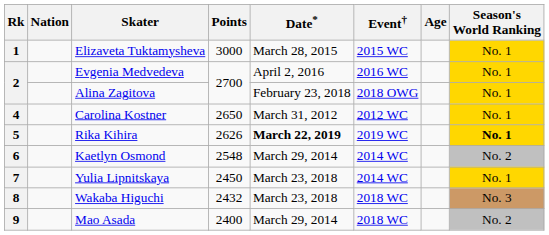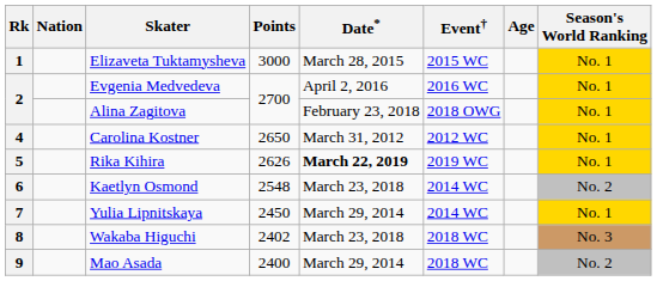 <table class="wikitable sortable">
 <tr>
 <th>Rk</th>
 <th>Nation</th>
 <th>Skater</th>
 <th>Points</th>
 <th>Date<sup>*</sup></th>
 <th>Event<sup>†</sup></th>
 <th>Age</th>
 <th>Season's<br>World  Ranking</th>
 </tr>
 <tr>
 <th>1</th>
 <td></td>
 <td><a href='#'>Elizaveta Tuktamysheva</a></td>
 <td style="text-align: center;">3000</td>
 <td>March 28, 2015</td>
 <td><a href='#'>2015 WC</a></td>
 <td></td>
 <td style="background-color: gold; text-align: center;">No. 1</td>
 </tr>
 <tr>
 <th rowspan="2">2</th>
 <td></td>
 <td><a href='#'>Evgenia Medvedeva</a></td>
 <td rowspan="2" style="text-align: center;">2700</td>
 <td>April 2, 2016</td>
 <td><a href='#'>2016 WC</a></td>
 <td></td>
 <td style="background-color: gold; text-align: center;">No. 1</td>
 </tr>
 <tr>
 <td></td>
 <td><a href='#'>Alina Zagitova</a></td>
 <td>February 23, 2018</td>
 <td><a href='#'>2018 OWG</a></td>
 <td></td>
 <td style="background-color: gold; text-align: center;">No. 1</td>
 </tr>
 <tr>
 <th>4</th>
 <td></td>
 <td><a href='#'>Carolina Kostner</a></td>
 <td style="text-align: center;">2650</td>
 <td>March 31, 2012</td>
 <td><a href='#'>2012 WC</a></td>
 <td></td>
 <td style="background-color: gold; text-align: center;">No. 1</td>
 </tr>
 <tr>
 <th>5</th>
 <td></td>
 <td><a href='#'>Rika Kihira</a></td>
 <td style="text-align: center;">2626</td>
 <td><strong>March 22, 2019</strong></td>
 <td><a href='#'>2019 WC</a></td>
 <td></td>
-<td style="background-color: gold; text-align: center;"><strong>No. 1</strong></td>
+<td style="background-color: gold; text-align: center;">No. 1</td>
 </tr>
 <tr>
 <th>6</th>
 <td></td>
 <td><a href='#'>Kaetlyn Osmond</a></td>
 <td style="text-align: center;">2548</td>
-<td>March 29, 2014</td>
+<td>March 23, 2018</td>
 <td><a href='#'>2014 WC</a></td>
 <td></td>
 <td style="background-color: silver; text-align: center;">No. 2</td>
 </tr>
 <tr>
 <th>7</th>
 <td></td>
 <td><a href='#'>Yulia Lipnitskaya</a></td>
 <td style="text-align: center;">2450</td>
-<td>March 23, 2018</td>
+<td>March 29, 2014</td>
 <td><a href='#'>2014 WC</a></td>
 <td></td>
 <td style="background-color: gold; text-align: center;">No. 1</td>
 </tr>
 <tr>
 <th>8</th>
 <td></td>
 <td><a href='#'>Wakaba Higuchi</a></td>
-<td style="text-align: center;">2432</td>
+<td style="text-align: center;">2402</td>
 <td>March 23, 2018</td>
 <td><a href='#'>2018 WC</a></td>
 <td></td>
 <td style="background-color: #cc9966; text-align: center;">No. 3</td>
 </tr>
 <tr>
 <th>9</th>
 <td></td>
 <td><a href='#'>Mao Asada</a></td>
 <td style="text-align: center;">2400</td>
 <td>March 29, 2014</td>
 <td><a href='#'>2018 WC</a></td>
 <td></td>
 <td style="background-color: silver; text-align: center;">No. 2</td>
 </tr>
 </table>
